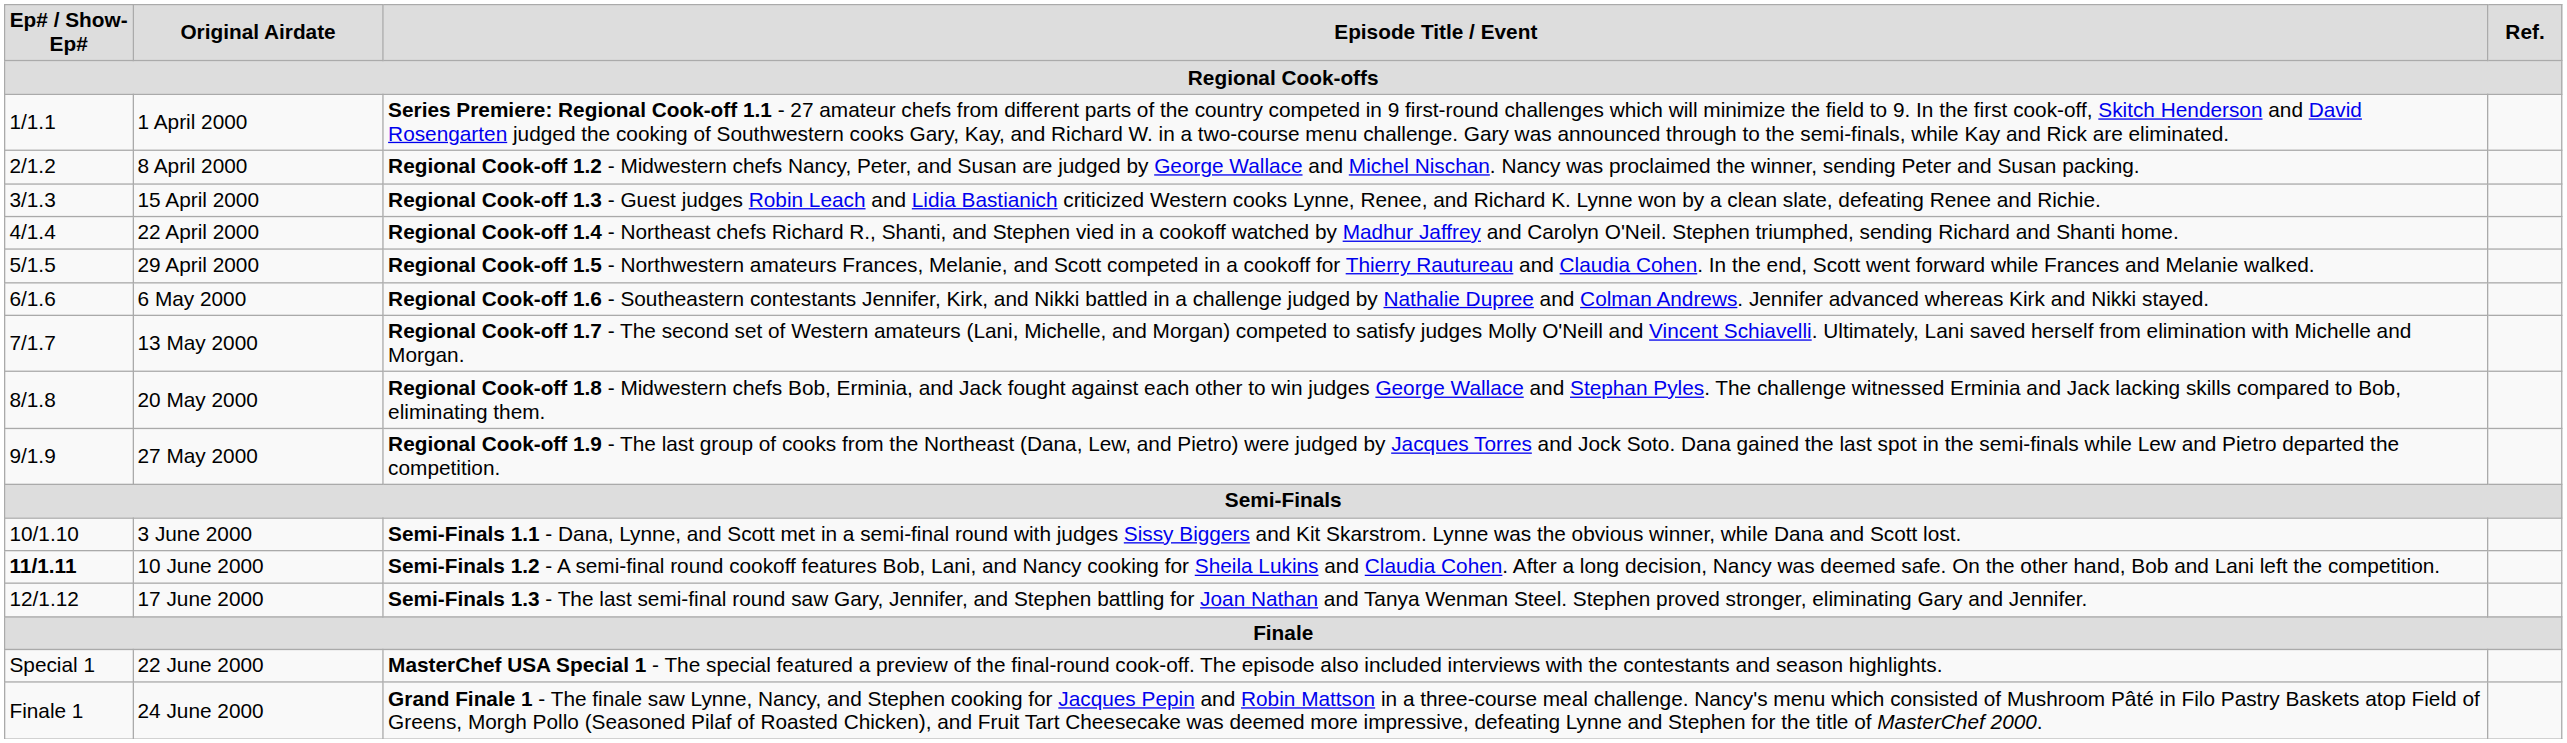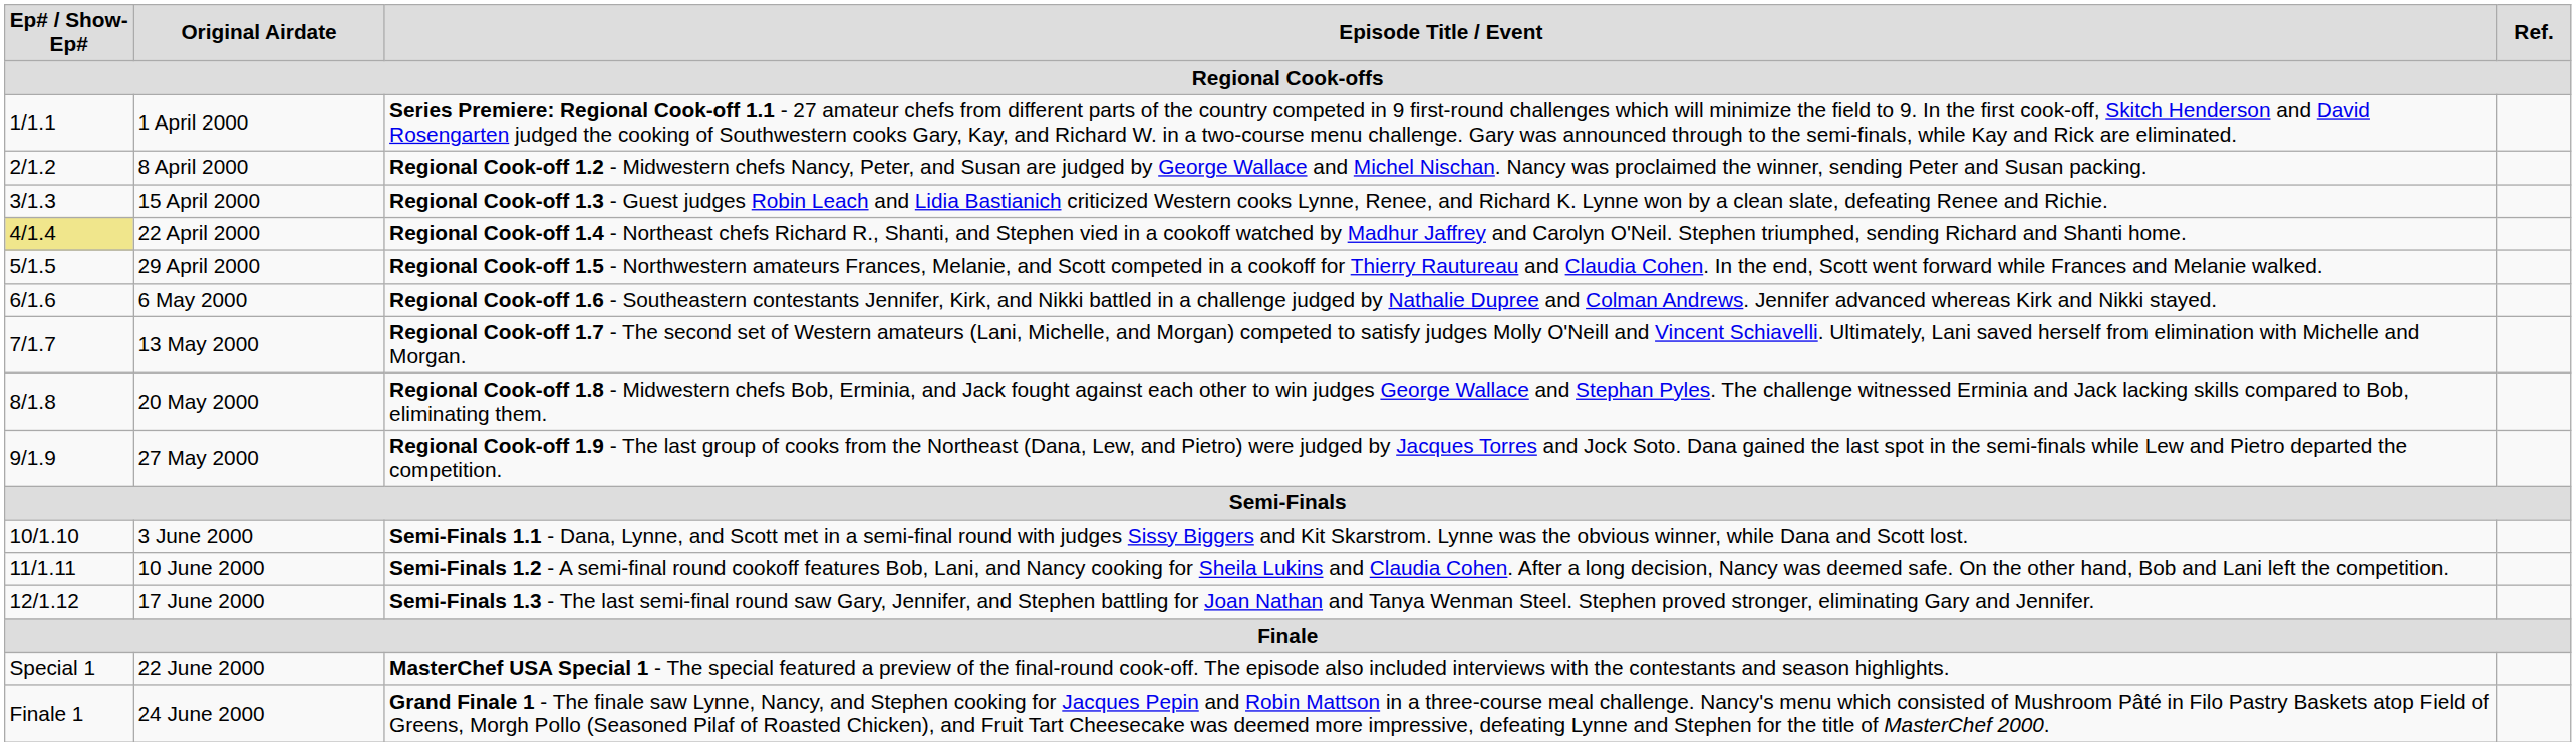 <table class="wikitable">
 <tr>
 <th style="background:#ddd; width:2%;">Ep# / Show-Ep#</th>
 <th style="background:#ddd; width:5%;">Original Airdate</th>
 <th style="background:#ddd; width:42%;">Episode Title / Event</th>
 <th style="background:#ddd; width:1%;">Ref.</th>
 </tr>
 <tr>
 <th colspan="4" style="background:#ddd;">Regional Cook-offs</th>
 </tr>
 <tr>
 <td>1/1.1</td>
 <td>1 April 2000</td>
 <td><strong>Series Premiere: Regional Cook-off 1.1</strong> - 27 amateur chefs from different parts of the country competed in 9 first-round challenges which will minimize the field to 9. In the first cook-off, <a href='#'>Skitch Henderson</a> and <a href='#'>David Rosengarten</a> judged the cooking of Southwestern cooks Gary, Kay, and Richard W. in a two-course menu challenge. Gary was announced through to the semi-finals, while Kay and Rick are eliminated.</td>
 <td></td>
 </tr>
 <tr>
 <td>2/1.2</td>
 <td>8 April 2000</td>
 <td><strong>Regional Cook-off 1.2</strong> - Midwestern chefs Nancy, Peter, and Susan are judged by <a href='#'>George Wallace</a> and <a href='#'>Michel Nischan</a>. Nancy was proclaimed the winner, sending Peter and Susan packing.</td>
 <td></td>
 </tr>
 <tr>
 <td>3/1.3</td>
 <td>15 April 2000</td>
 <td><strong>Regional Cook-off 1.3</strong> - Guest judges <a href='#'>Robin Leach</a> and <a href='#'>Lidia Bastianich</a> criticized Western cooks Lynne, Renee, and Richard K. Lynne won by a clean slate, defeating Renee and Richie.</td>
 <td></td>
 </tr>
 <tr>
-<td>4/1.4</td>
+<td style="background: khaki;">4/1.4</td>
 <td>22 April 2000</td>
 <td><strong>Regional Cook-off 1.4</strong> - Northeast chefs Richard R., Shanti, and Stephen vied in a cookoff watched by <a href='#'>Madhur Jaffrey</a> and Carolyn O'Neil. Stephen triumphed, sending Richard and Shanti home.</td>
 <td></td>
 </tr>
 <tr>
 <td>5/1.5</td>
 <td>29 April 2000</td>
 <td><strong>Regional Cook-off 1.5</strong> - Northwestern amateurs Frances, Melanie, and Scott competed in a cookoff for <a href='#'>Thierry Rautureau</a> and <a href='#'>Claudia Cohen</a>. In the end, Scott went forward while Frances and Melanie walked.</td>
 <td></td>
 </tr>
 <tr>
 <td>6/1.6</td>
 <td>6 May 2000</td>
 <td><strong>Regional Cook-off 1.6</strong> - Southeastern contestants Jennifer, Kirk, and Nikki battled in a challenge judged by <a href='#'>Nathalie Dupree</a> and <a href='#'>Colman Andrews</a>. Jennifer advanced whereas Kirk and Nikki stayed.</td>
 <td></td>
 </tr>
 <tr>
 <td>7/1.7</td>
 <td>13 May 2000</td>
 <td><strong>Regional Cook-off 1.7</strong> - The second set of Western amateurs (Lani, Michelle, and Morgan) competed to satisfy judges Molly O'Neill and <a href='#'>Vincent Schiavelli</a>. Ultimately, Lani saved herself from elimination with Michelle and Morgan.</td>
 <td></td>
 </tr>
 <tr>
 <td>8/1.8</td>
 <td>20 May 2000</td>
 <td><strong>Regional Cook-off 1.8</strong> - Midwestern chefs Bob, Erminia, and Jack fought against each other to win judges <a href='#'>George Wallace</a> and <a href='#'>Stephan Pyles</a>. The challenge witnessed Erminia and Jack lacking skills compared to Bob, eliminating them.</td>
 <td></td>
 </tr>
 <tr>
 <td>9/1.9</td>
 <td>27 May 2000</td>
 <td><strong>Regional Cook-off 1.9</strong> - The last group of cooks from the Northeast (Dana, Lew, and Pietro) were judged by <a href='#'>Jacques Torres</a> and Jock Soto. Dana gained the last spot in the semi-finals while Lew and Pietro departed the competition.</td>
 <td></td>
 </tr>
 <tr>
 <th colspan="4" style="background:#ddd;">Semi-Finals</th>
 </tr>
 <tr>
 <td>10/1.10</td>
 <td>3 June 2000</td>
 <td><strong>Semi-Finals 1.1</strong> - Dana, Lynne, and Scott met in a semi-final round with judges <a href='#'>Sissy Biggers</a> and Kit Skarstrom. Lynne was the obvious winner, while Dana and Scott lost.</td>
 <td></td>
 </tr>
 <tr>
-<td><strong>11/1.11</strong></td>
+<td>11/1.11</td>
 <td>10 June 2000</td>
 <td><strong>Semi-Finals 1.2</strong> - A semi-final round cookoff features Bob, Lani, and Nancy cooking for <a href='#'>Sheila Lukins</a> and <a href='#'>Claudia Cohen</a>. After a long decision, Nancy was deemed safe. On the other hand, Bob and Lani left the competition.</td>
 <td></td>
 </tr>
 <tr>
 <td>12/1.12</td>
 <td>17 June 2000</td>
 <td><strong>Semi-Finals 1.3</strong> - The last semi-final round saw Gary, Jennifer, and Stephen battling for <a href='#'>Joan Nathan</a> and Tanya Wenman Steel. Stephen proved stronger, eliminating Gary and Jennifer.</td>
 <td></td>
 </tr>
 <tr>
 <th colspan="4" style="background:#ddd;">Finale</th>
 </tr>
 <tr>
 <td>Special 1</td>
 <td>22 June 2000</td>
 <td><strong>MasterChef USA Special 1</strong> - The special featured a preview of the final-round cook-off. The episode also included interviews with the contestants and season highlights.</td>
 <td></td>
 </tr>
 <tr>
 <td>Finale 1</td>
 <td>24 June 2000</td>
 <td><strong>Grand Finale 1</strong> - The finale saw Lynne, Nancy, and Stephen cooking for <a href='#'>Jacques Pepin</a> and <a href='#'>Robin Mattson</a> in a three-course meal challenge. Nancy's menu which consisted of Mushroom Pâté in Filo Pastry Baskets atop Field of Greens, Morgh Pollo (Seasoned Pilaf of Roasted Chicken), and Fruit Tart Cheesecake was deemed more impressive, defeating Lynne and Stephen for the title of <em>MasterChef 2000</em>.</td>
 <td></td>
 </tr>
 </table>
